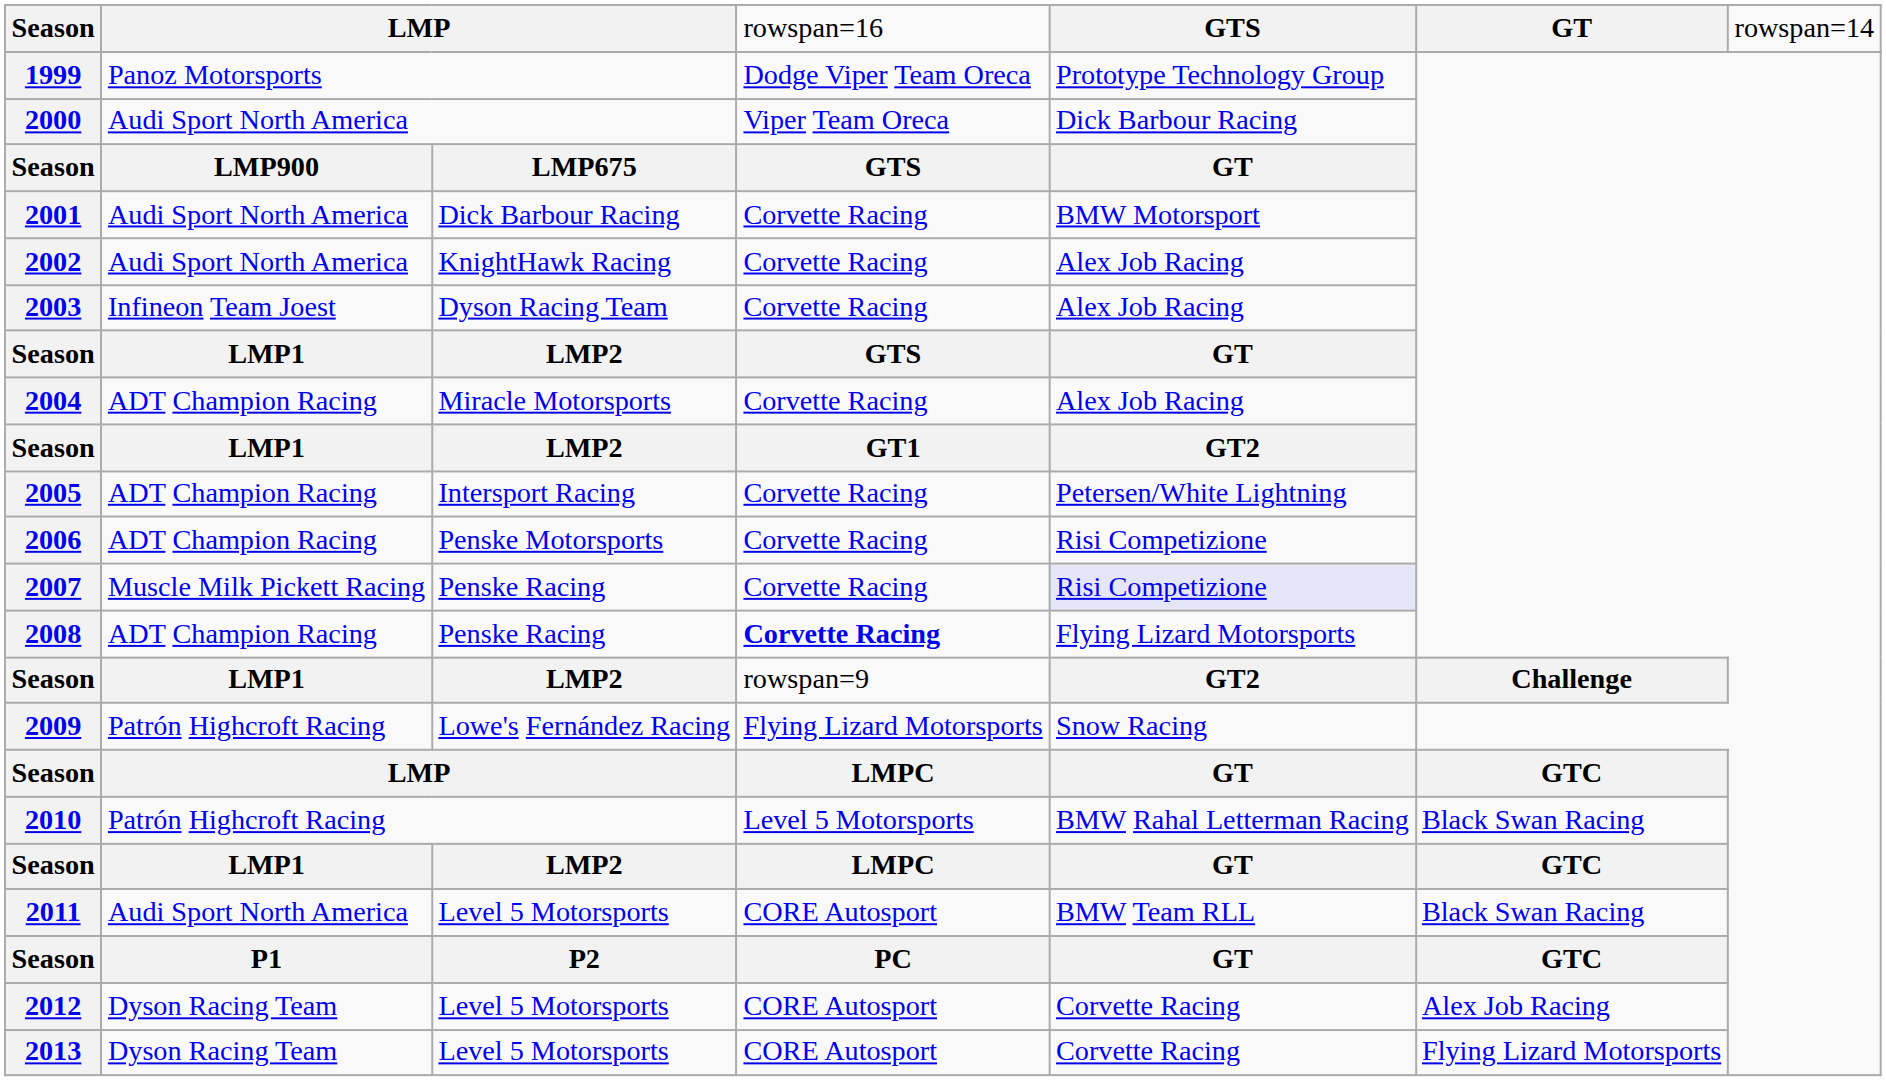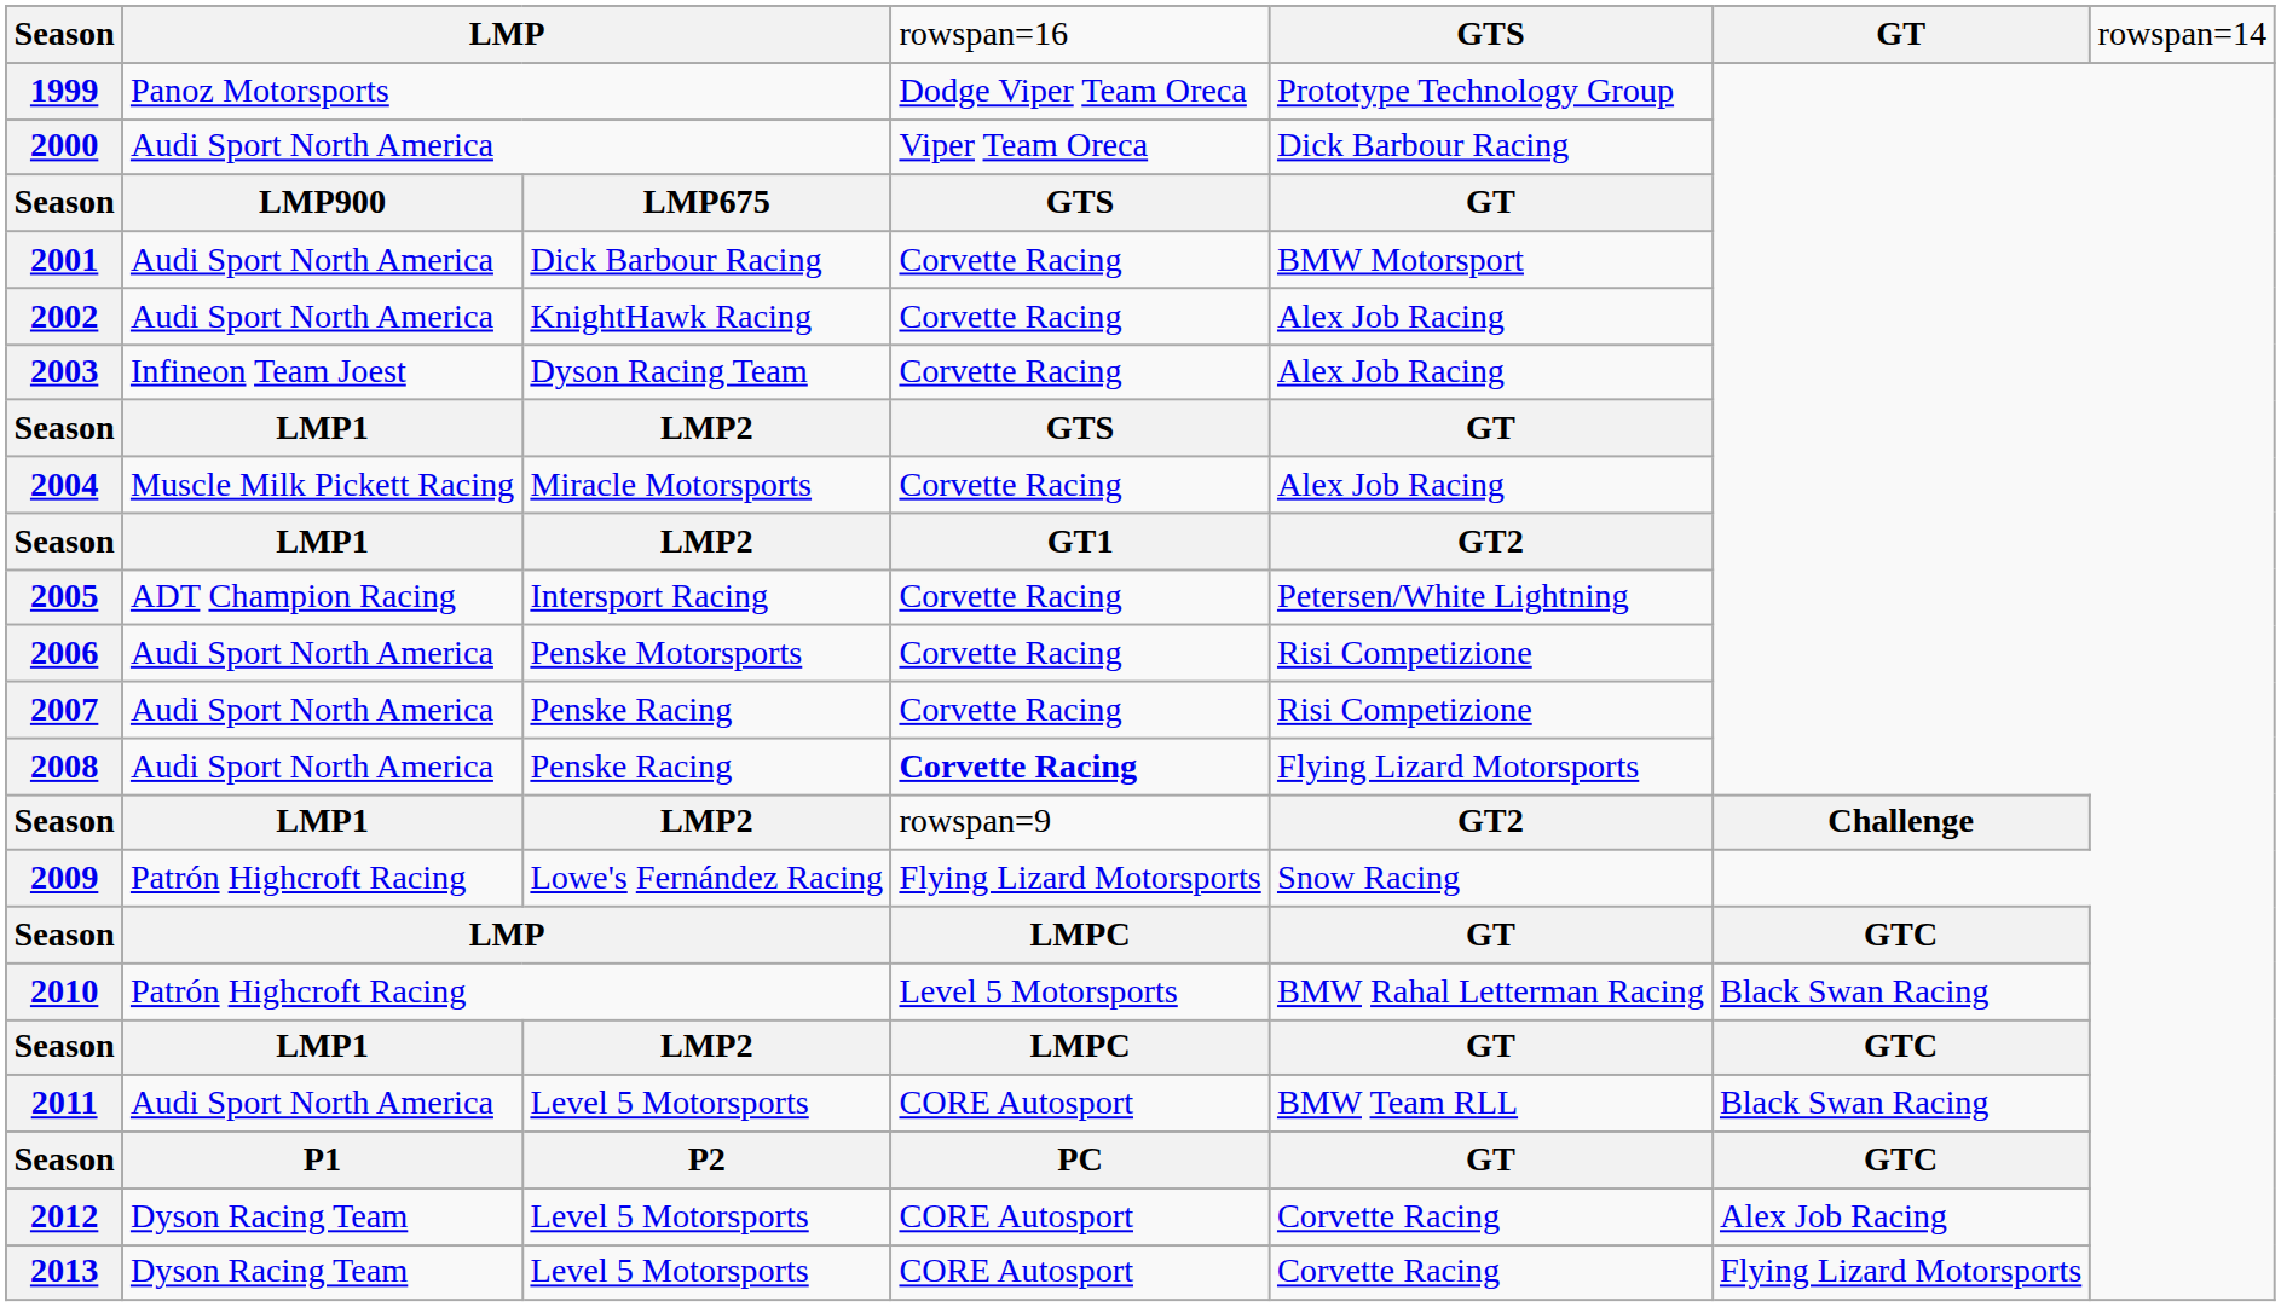 <table class="wikitable" style="font-size: 90%;">
 <tr>
 <th>Season</th>
 <th colspan=2>LMP</th>
 <td>rowspan=16 </td>
 <th>GTS</th>
 <th>GT</th>
 <td>rowspan=14 </td>
 </tr>
 <tr>
 <th><a href='#'>1999</a></th>
 <td colspan=2> <a href='#'>Panoz Motorsports</a></td>
 <td> <a href='#'>Dodge Viper</a> <a href='#'>Team Oreca</a></td>
 <td> <a href='#'>Prototype Technology Group</a></td>
 </tr>
 <tr>
 <th><a href='#'>2000</a></th>
 <td colspan=2> <a href='#'>Audi Sport North America</a></td>
 <td> <a href='#'>Viper</a> <a href='#'>Team Oreca</a></td>
 <td> <a href='#'>Dick Barbour Racing</a></td>
 </tr>
 <tr>
 <th>Season</th>
 <th>LMP900</th>
 <th>LMP675</th>
 <th>GTS</th>
 <th>GT</th>
 </tr>
 <tr>
 <th><a href='#'>2001</a></th>
 <td> <a href='#'>Audi Sport North America</a></td>
 <td> <a href='#'>Dick Barbour Racing</a></td>
 <td> <a href='#'>Corvette Racing</a></td>
 <td> <a href='#'>BMW Motorsport</a></td>
 </tr>
 <tr>
 <th><a href='#'>2002</a></th>
 <td> <a href='#'>Audi Sport North America</a></td>
 <td> <a href='#'>KnightHawk Racing</a></td>
 <td> <a href='#'>Corvette Racing</a></td>
 <td> <a href='#'>Alex Job Racing</a></td>
 </tr>
 <tr>
 <th><a href='#'>2003</a></th>
 <td> <a href='#'>Infineon</a> <a href='#'>Team Joest</a></td>
 <td> <a href='#'>Dyson Racing Team</a></td>
 <td> <a href='#'>Corvette Racing</a></td>
 <td> <a href='#'>Alex Job Racing</a></td>
 </tr>
 <tr>
 <th>Season</th>
 <th>LMP1</th>
 <th>LMP2</th>
 <th>GTS</th>
 <th>GT</th>
 </tr>
 <tr>
 <th><a href='#'>2004</a></th>
-<td> <a href='#'>ADT</a> <a href='#'>Champion Racing</a></td>
+<td> <a href='#'>Muscle Milk Pickett Racing</a></td>
 <td> <a href='#'>Miracle Motorsports</a></td>
 <td> <a href='#'>Corvette Racing</a></td>
 <td> <a href='#'>Alex Job Racing</a></td>
 </tr>
 <tr>
 <th>Season</th>
 <th>LMP1</th>
 <th>LMP2</th>
 <th>GT1</th>
 <th>GT2</th>
 </tr>
 <tr>
 <th><a href='#'>2005</a></th>
 <td> <a href='#'>ADT</a> <a href='#'>Champion Racing</a></td>
 <td> <a href='#'>Intersport Racing</a></td>
 <td> <a href='#'>Corvette Racing</a></td>
 <td> <a href='#'>Petersen/White Lightning</a></td>
 </tr>
 <tr>
 <th><a href='#'>2006</a></th>
-<td> <a href='#'>ADT</a> <a href='#'>Champion Racing</a></td>
+<td> <a href='#'>Audi Sport North America</a></td>
 <td> <a href='#'>Penske Motorsports</a></td>
 <td> <a href='#'>Corvette Racing</a></td>
 <td> <a href='#'>Risi Competizione</a></td>
 </tr>
 <tr>
 <th><a href='#'>2007</a></th>
-<td> <a href='#'>Muscle Milk Pickett Racing</a></td>
+<td> <a href='#'>Audi Sport North America</a></td>
 <td> <a href='#'>Penske Racing</a></td>
 <td> <a href='#'>Corvette Racing</a></td>
-<td style="background: lavender;"> <a href='#'>Risi Competizione</a></td>
+<td> <a href='#'>Risi Competizione</a></td>
 </tr>
 <tr>
 <th><a href='#'>2008</a></th>
-<td> <a href='#'>ADT</a> <a href='#'>Champion Racing</a></td>
+<td> <a href='#'>Audi Sport North America</a></td>
 <td> <a href='#'>Penske Racing</a></td>
 <td><strong> <a href='#'>Corvette Racing</a></strong></td>
 <td> <a href='#'>Flying Lizard Motorsports</a></td>
 </tr>
 <tr>
 <th>Season</th>
 <th>LMP1</th>
 <th>LMP2</th>
 <td>rowspan=9 </td>
 <th>GT2</th>
 <th>Challenge</th>
 </tr>
 <tr>
 <th><a href='#'>2009</a></th>
 <td> <a href='#'>Patrón</a> <a href='#'>Highcroft Racing</a></td>
 <td> <a href='#'>Lowe's</a> <a href='#'>Fernández Racing</a></td>
 <td> <a href='#'>Flying Lizard Motorsports</a></td>
 <td> <a href='#'>Snow Racing</a></td>
 </tr>
 <tr>
 <th>Season</th>
 <th colspan=2>LMP</th>
 <th>LMPC</th>
 <th>GT</th>
 <th>GTC</th>
 </tr>
 <tr>
 <th><a href='#'>2010</a></th>
 <td colspan=2> <a href='#'>Patrón</a> <a href='#'>Highcroft Racing</a></td>
 <td> <a href='#'>Level 5 Motorsports</a></td>
 <td> <a href='#'>BMW</a> <a href='#'>Rahal Letterman Racing</a></td>
 <td> <a href='#'>Black Swan Racing</a></td>
 </tr>
 <tr>
 <th>Season</th>
 <th>LMP1</th>
 <th>LMP2</th>
 <th>LMPC</th>
 <th>GT</th>
 <th>GTC</th>
 </tr>
 <tr>
 <th><a href='#'>2011</a></th>
 <td> <a href='#'>Audi Sport North America</a></td>
 <td> <a href='#'>Level 5 Motorsports</a></td>
 <td> <a href='#'>CORE Autosport</a></td>
 <td> <a href='#'>BMW</a> <a href='#'>Team RLL</a></td>
 <td> <a href='#'>Black Swan Racing</a></td>
 </tr>
 <tr>
 <th>Season</th>
 <th>P1</th>
 <th>P2</th>
 <th>PC</th>
 <th>GT</th>
 <th>GTC</th>
 </tr>
 <tr>
 <th><a href='#'>2012</a></th>
 <td> <a href='#'>Dyson Racing Team</a></td>
 <td> <a href='#'>Level 5 Motorsports</a></td>
 <td> <a href='#'>CORE Autosport</a></td>
 <td> <a href='#'>Corvette Racing</a></td>
 <td> <a href='#'>Alex Job Racing</a></td>
 </tr>
 <tr>
 <th><a href='#'>2013</a></th>
 <td> <a href='#'>Dyson Racing Team</a></td>
 <td> <a href='#'>Level 5 Motorsports</a></td>
 <td> <a href='#'>CORE Autosport</a></td>
 <td> <a href='#'>Corvette Racing</a></td>
 <td> <a href='#'>Flying Lizard Motorsports</a></td>
 </tr>
 </table>
